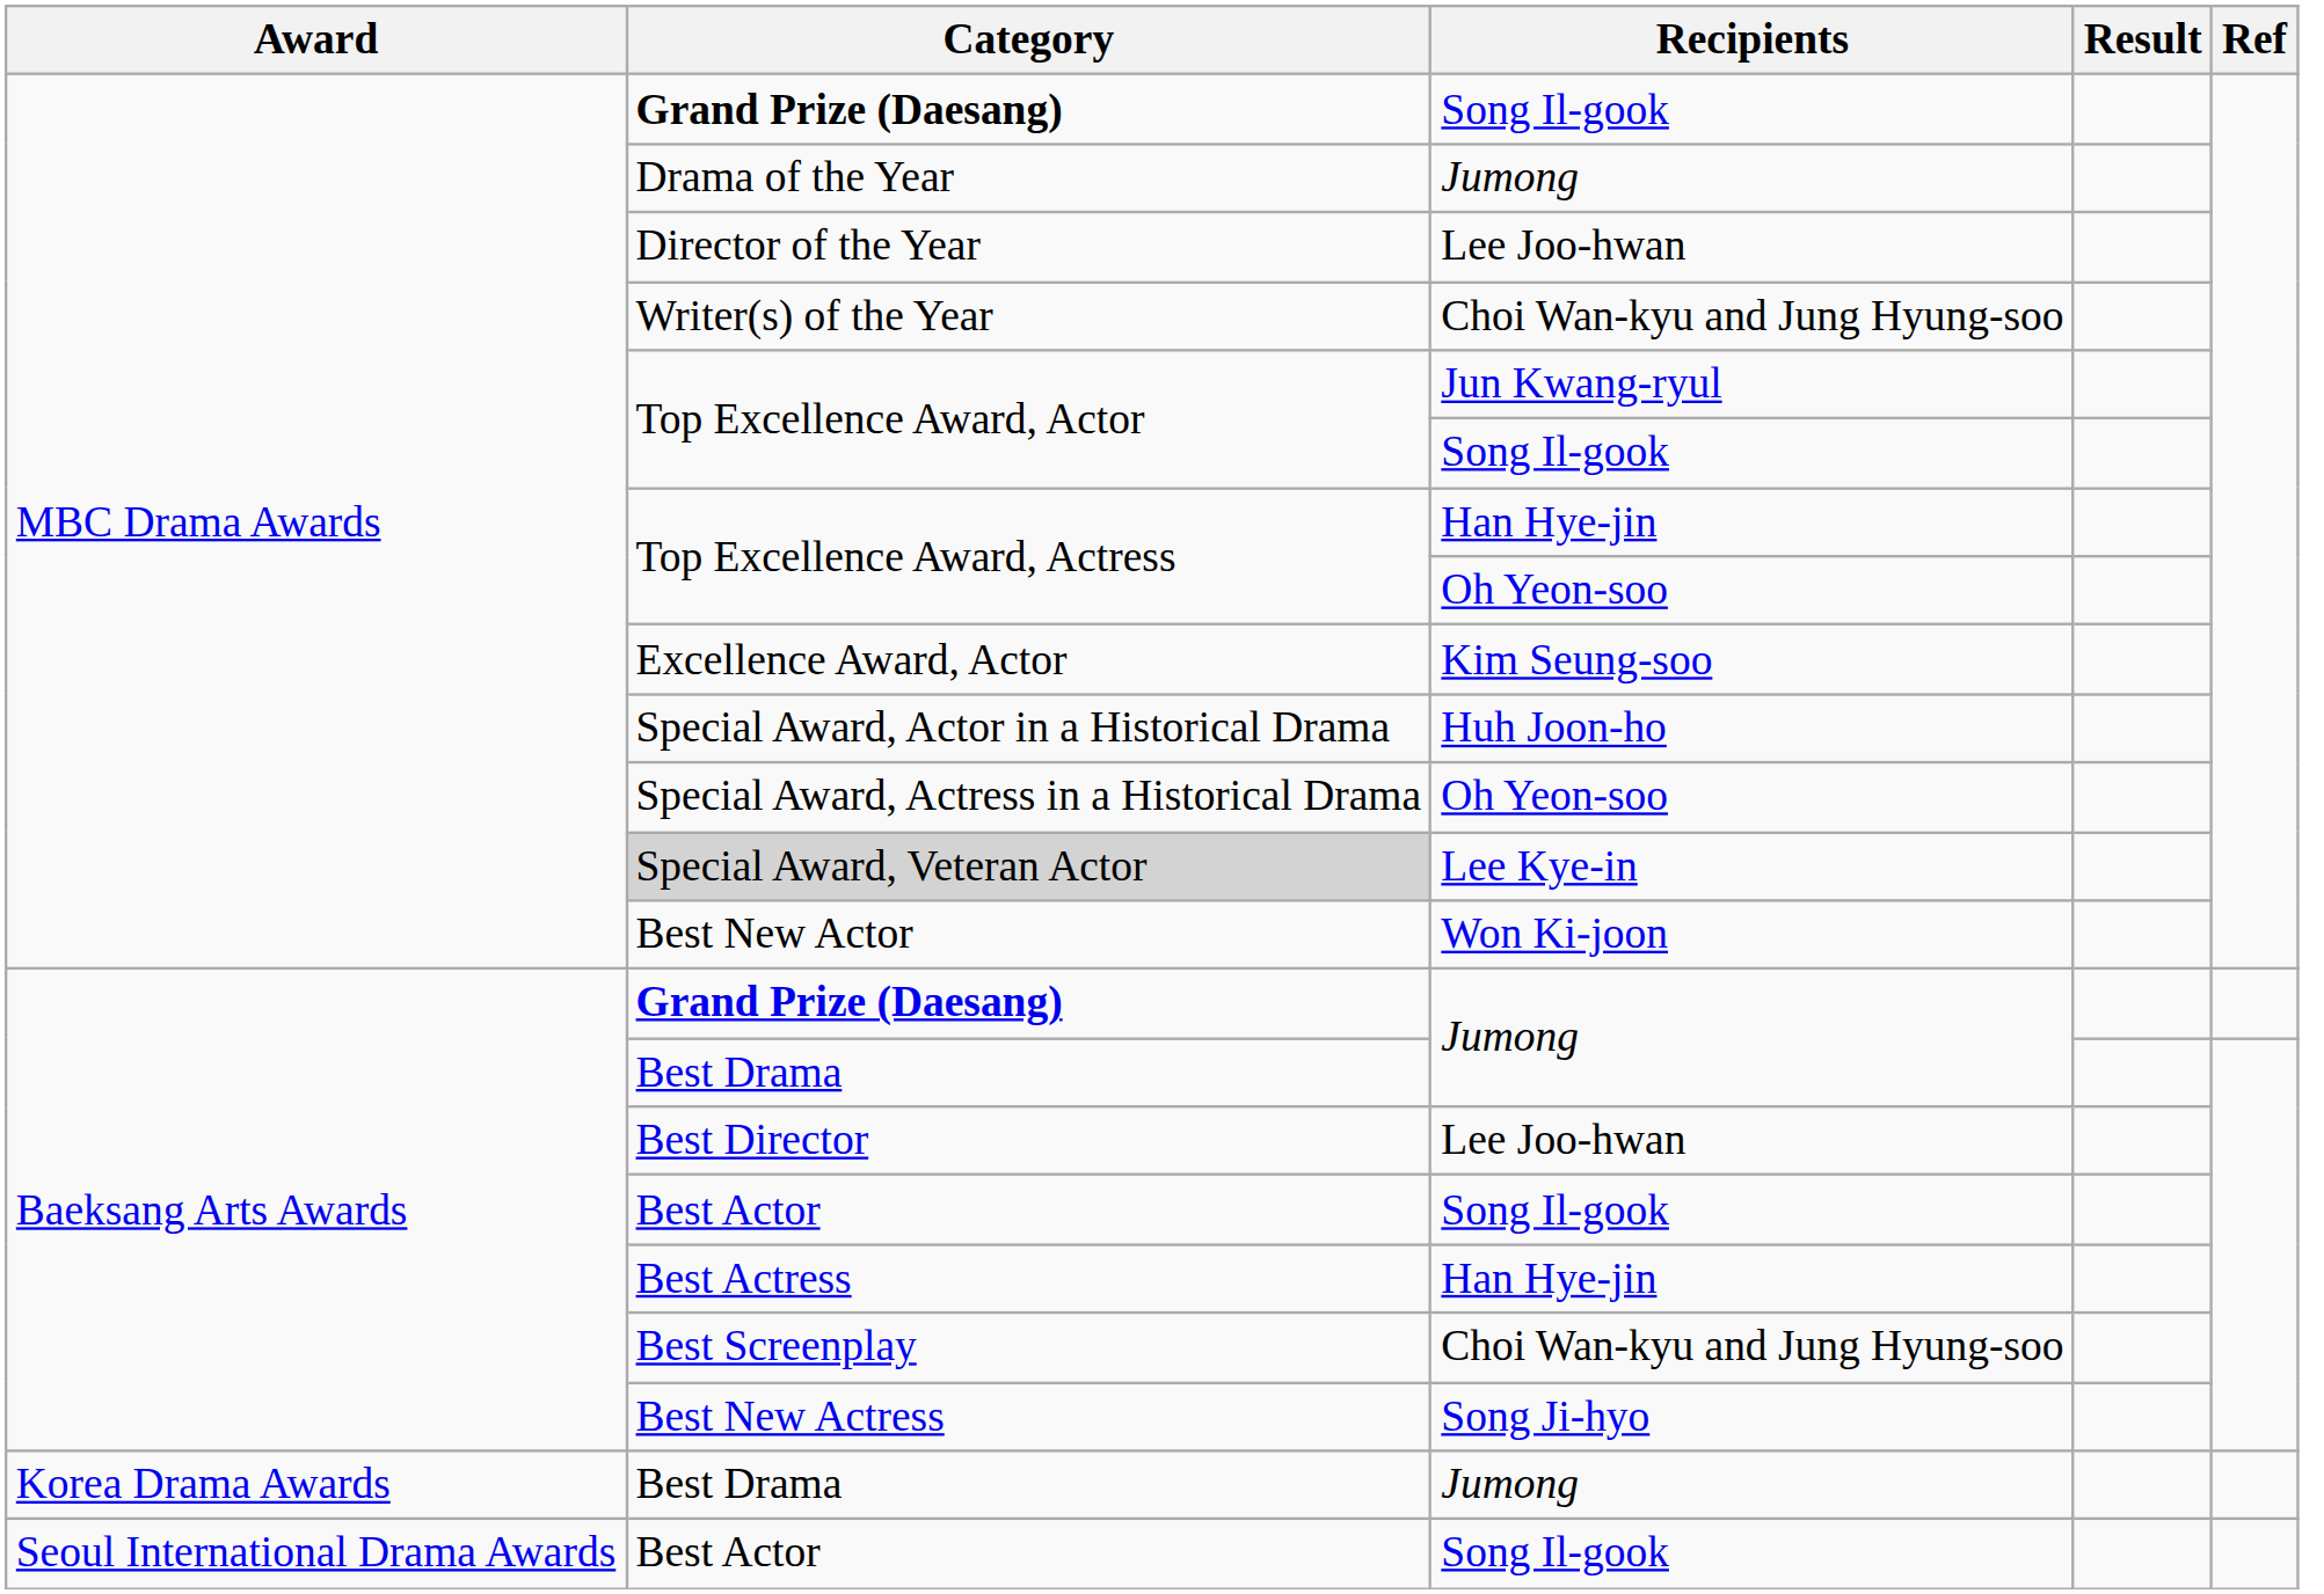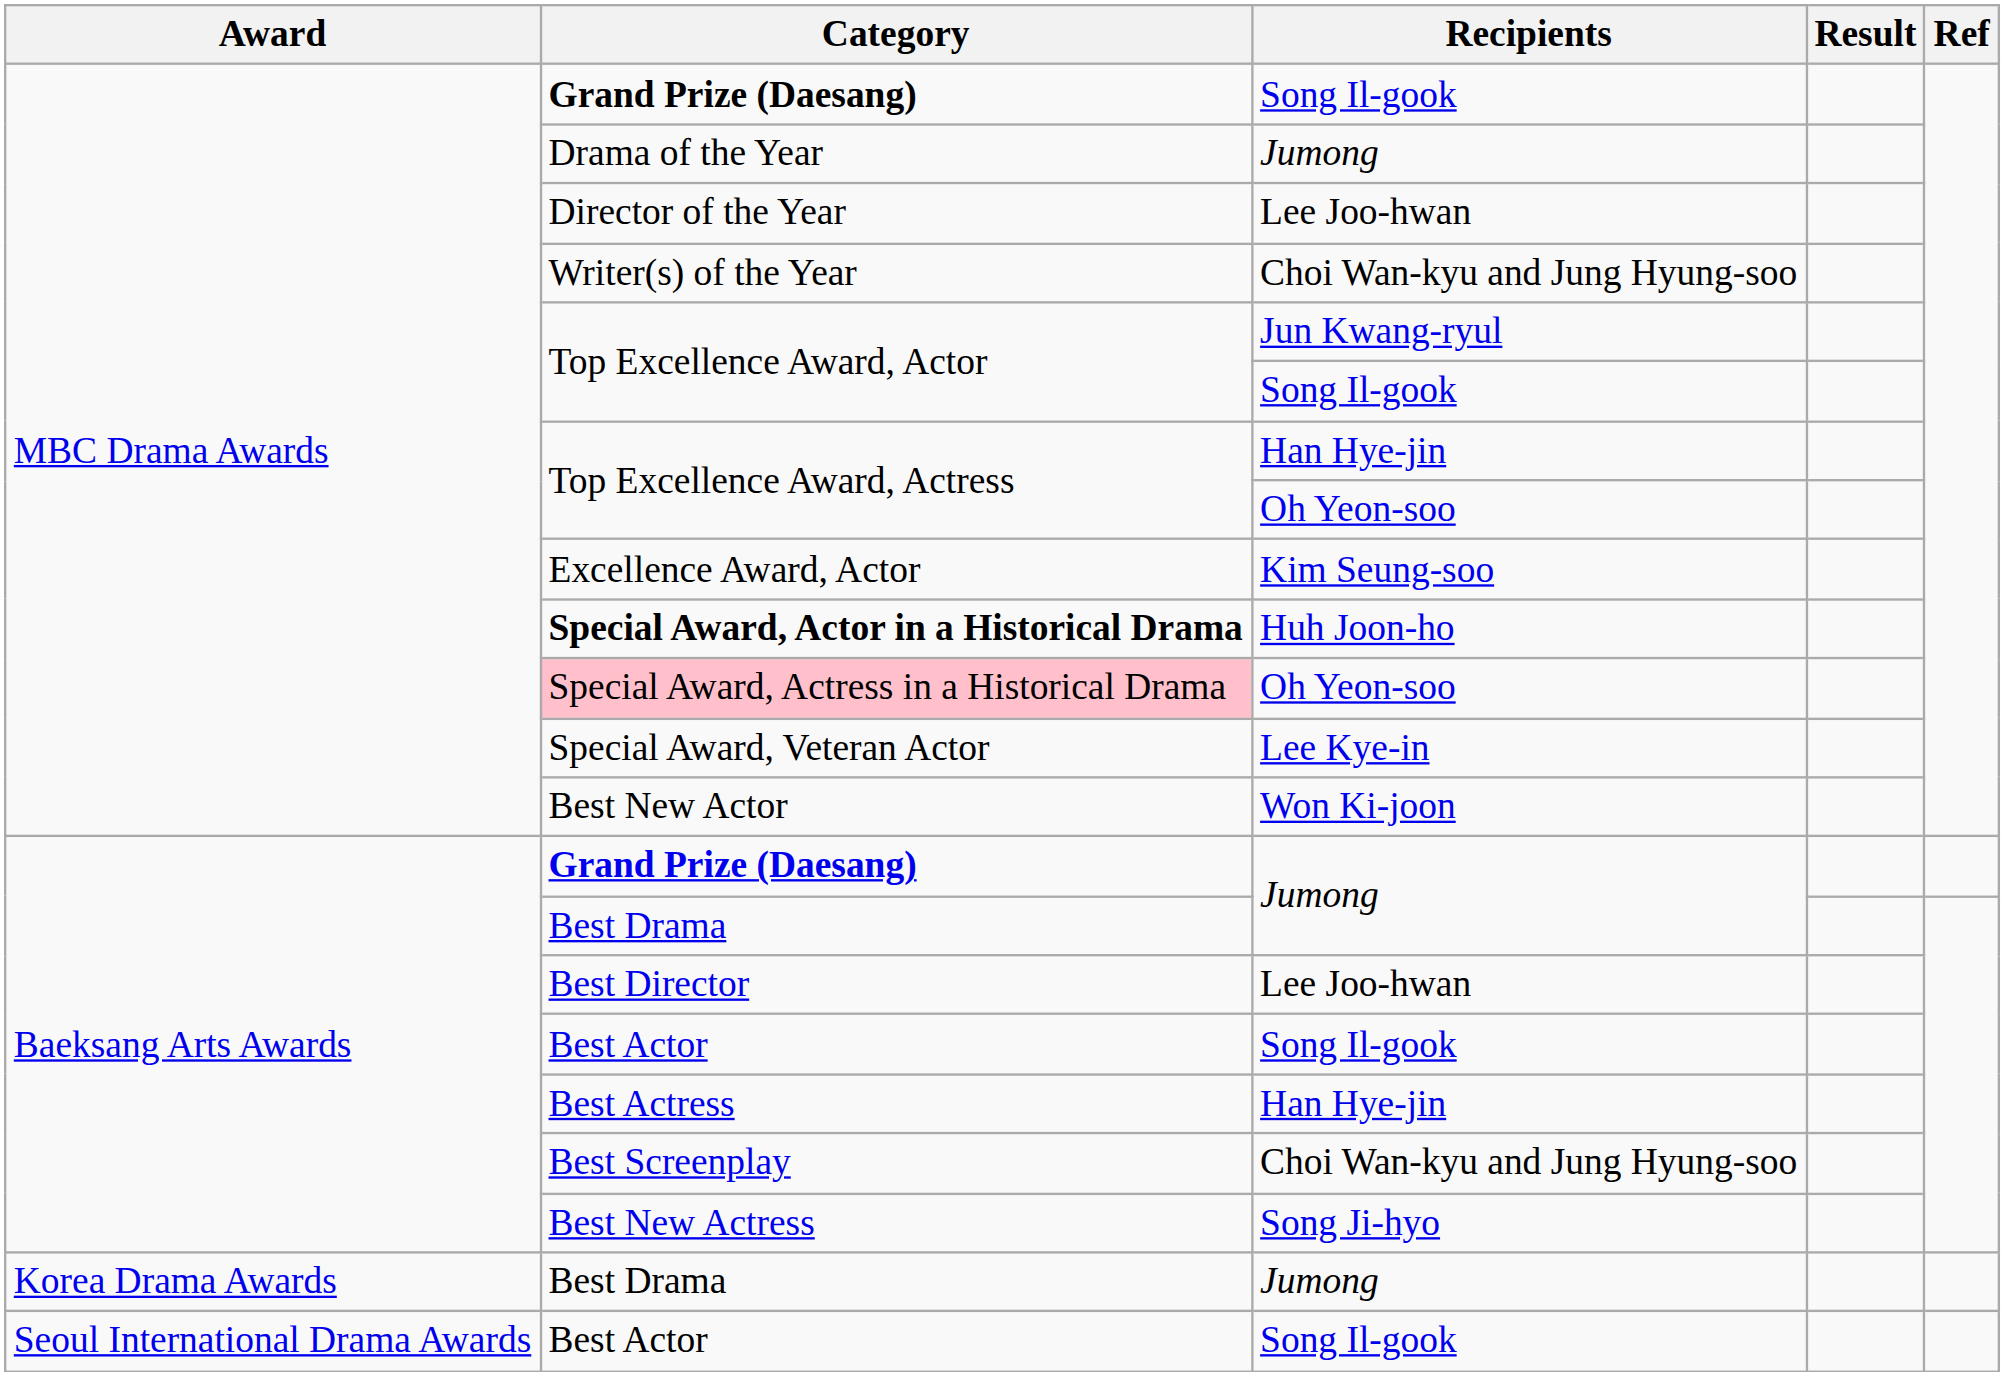 <table class="wikitable">
 <tr>
 <th>Award</th>
 <th>Category</th>
 <th>Recipients</th>
 <th>Result</th>
 <th>Ref</th>
 </tr>
 <tr>
 <td rowspan="13"><a href='#'>MBC Drama Awards</a></td>
 <td><strong>Grand Prize (Daesang)</strong></td>
 <td><a href='#'>Song Il-gook</a></td>
 <td></td>
 <td rowspan="13"></td>
 </tr>
 <tr>
 <td>Drama of the Year</td>
 <td><em>Jumong</em></td>
 <td></td>
 </tr>
 <tr>
 <td>Director of the Year</td>
 <td>Lee Joo-hwan</td>
 <td></td>
 </tr>
 <tr>
 <td>Writer(s) of the Year</td>
 <td>Choi Wan-kyu and Jung Hyung-soo</td>
 <td></td>
 </tr>
 <tr>
 <td rowspan="2">Top Excellence Award, Actor</td>
 <td><a href='#'>Jun Kwang-ryul</a></td>
 <td></td>
 </tr>
 <tr>
 <td><a href='#'>Song Il-gook</a></td>
 <td></td>
 </tr>
 <tr>
 <td rowspan="2">Top Excellence Award, Actress</td>
 <td><a href='#'>Han Hye-jin</a></td>
 <td></td>
 </tr>
 <tr>
 <td><a href='#'>Oh Yeon-soo</a></td>
 <td></td>
 </tr>
 <tr>
 <td>Excellence Award, Actor</td>
 <td><a href='#'>Kim Seung-soo</a></td>
 <td></td>
 </tr>
 <tr>
-<td>Special Award, Actor in a Historical Drama</td>
+<td><strong>Special Award, Actor in a Historical Drama</strong></td>
 <td><a href='#'>Huh Joon-ho</a></td>
 <td></td>
 </tr>
 <tr>
-<td>Special Award, Actress in a Historical Drama</td>
+<td style="background: pink;">Special Award, Actress in a Historical Drama</td>
 <td><a href='#'>Oh Yeon-soo</a></td>
 <td></td>
 </tr>
 <tr>
-<td style="background: lightgrey;">Special Award, Veteran Actor</td>
+<td>Special Award, Veteran Actor</td>
 <td><a href='#'>Lee Kye-in</a></td>
 <td></td>
 </tr>
 <tr>
 <td>Best New Actor</td>
 <td><a href='#'>Won Ki-joon</a></td>
 <td></td>
 </tr>
 <tr>
 <td rowspan="7"><a href='#'>Baeksang Arts Awards</a></td>
 <td><strong><a href='#'>Grand Prize (Daesang)</a></strong></td>
 <td rowspan="2"><em>Jumong</em></td>
 <td></td>
 <td></td>
 </tr>
 <tr>
 <td><a href='#'>Best Drama</a></td>
 <td></td>
 <td rowspan="6"></td>
 </tr>
 <tr>
 <td><a href='#'>Best Director</a></td>
 <td>Lee Joo-hwan</td>
 <td></td>
 </tr>
 <tr>
 <td><a href='#'>Best Actor</a></td>
 <td><a href='#'>Song Il-gook</a></td>
 <td></td>
 </tr>
 <tr>
 <td><a href='#'>Best Actress</a></td>
 <td><a href='#'>Han Hye-jin</a></td>
 <td></td>
 </tr>
 <tr>
 <td><a href='#'>Best Screenplay</a></td>
 <td>Choi Wan-kyu and Jung Hyung-soo</td>
 <td></td>
 </tr>
 <tr>
 <td><a href='#'>Best New Actress</a></td>
 <td><a href='#'>Song Ji-hyo</a></td>
 <td></td>
 </tr>
 <tr>
 <td><a href='#'>Korea Drama Awards</a></td>
 <td>Best Drama</td>
 <td><em>Jumong</em></td>
 <td></td>
 <td></td>
 </tr>
 <tr>
 <td><a href='#'>Seoul International Drama Awards</a></td>
 <td>Best Actor</td>
 <td><a href='#'>Song Il-gook</a></td>
 <td></td>
 <td></td>
 </tr>
 </table>
